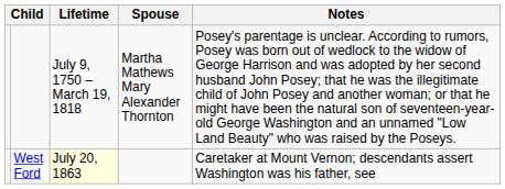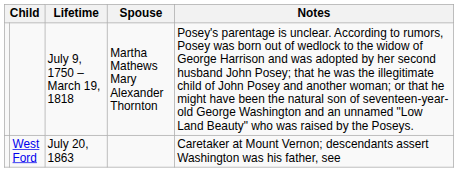 <table class="wikitable">
 <tr>
 <th colspan="2">Child</th>
 <th>Lifetime</th>
 <th>Spouse</th>
 <th>Notes</th>
 </tr>
 <tr>
 <td></td>
 <td></td>
 <td>July 9, 1750 – March 19, 1818</td>
 <td>Martha Mathews<br>Mary Alexander Thornton</td>
 <td>Posey's parentage is unclear. According to rumors, Posey was born out of wedlock to the widow of George Harrison and was adopted by her second husband John Posey; that he was the illegitimate child of John Posey and another woman; or that he might have been the natural son of seventeen-year-old George Washington and an unnamed "Low Land Beauty" who was raised by the Poseys.</td>
 </tr>
 <tr>
 <td></td>
 <td><a href='#'>West Ford</a></td>
-<td style="background: lightyellow;">July 20, 1863</td>
+<td>July 20, 1863</td>
 <td></td>
 <td>Caretaker at Mount Vernon; descendants assert Washington was his father, see </td>
 </tr>
 </table>
